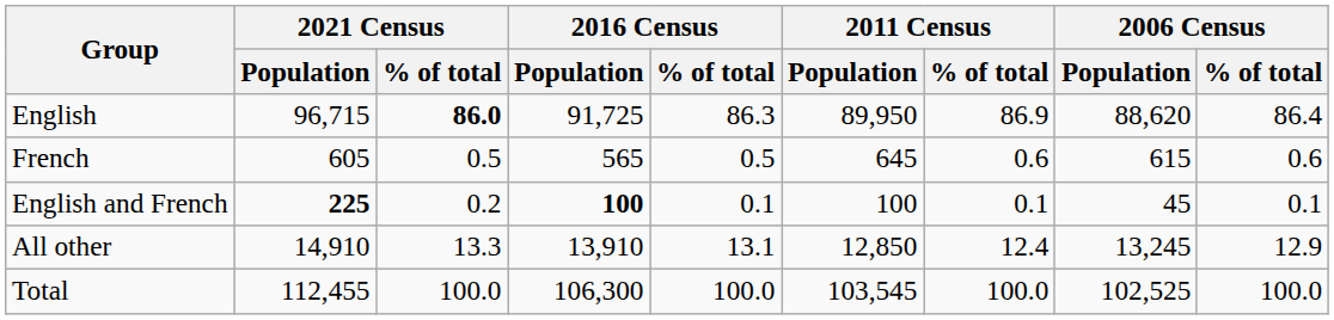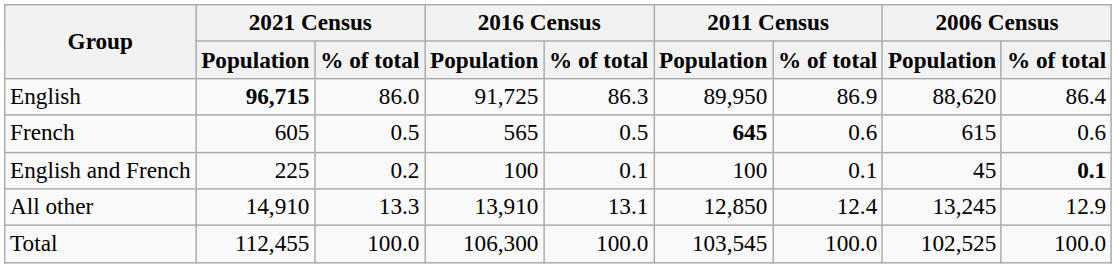 <table class="wikitable" style="text-align:right">
 <tr>
 <th rowspan = "2">Group</th>
 <th colspan = "2">2021 Census</th>
 <th colspan = "2">2016 Census</th>
 <th colspan = "2">2011 Census</th>
 <th colspan = "2">2006 Census</th>
 </tr>
 <tr>
 <th>Population</th>
 <th>% of total</th>
 <th>Population</th>
 <th>% of total</th>
 <th>Population</th>
 <th>% of total</th>
 <th>Population</th>
 <th>% of total</th>
 </tr>
 <tr>
 <td style="text-align:left;">English</td>
-<td>96,715</td>
-<td><strong>86.0</strong></td>
+<td><strong>96,715</strong></td>
+<td>86.0</td>
 <td>91,725</td>
 <td>86.3</td>
 <td>89,950</td>
 <td>86.9</td>
 <td>88,620</td>
 <td>86.4</td>
 </tr>
 <tr>
 <td style="text-align:left;">French</td>
 <td>605</td>
 <td>0.5</td>
 <td>565</td>
 <td>0.5</td>
-<td>645</td>
+<td><strong>645</strong></td>
 <td>0.6</td>
 <td>615</td>
 <td>0.6</td>
 </tr>
 <tr>
 <td style="text-align:left;">English and French</td>
-<td><strong>225</strong></td>
+<td>225</td>
 <td>0.2</td>
-<td><strong>100</strong></td>
+<td>100</td>
 <td>0.1</td>
 <td>100</td>
 <td>0.1</td>
 <td>45</td>
-<td>0.1</td>
+<td><strong>0.1</strong></td>
 </tr>
 <tr>
 <td style="text-align:left;">All other</td>
 <td>14,910</td>
 <td>13.3</td>
 <td>13,910</td>
 <td>13.1</td>
 <td>12,850</td>
 <td>12.4</td>
 <td>13,245</td>
 <td>12.9</td>
 </tr>
 <tr>
 <td style="text-align:left;">Total</td>
 <td>112,455</td>
 <td>100.0</td>
 <td>106,300</td>
 <td>100.0</td>
 <td>103,545</td>
 <td>100.0</td>
 <td>102,525</td>
 <td>100.0</td>
 </tr>
 </table>
